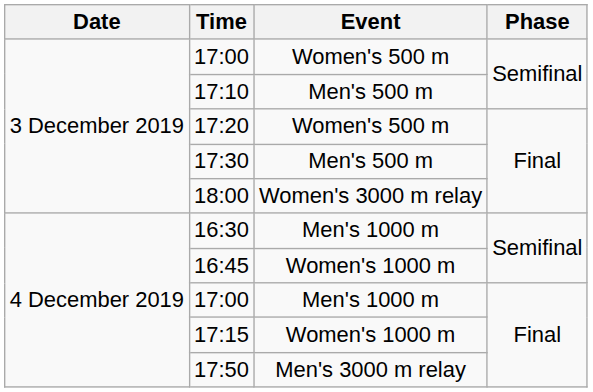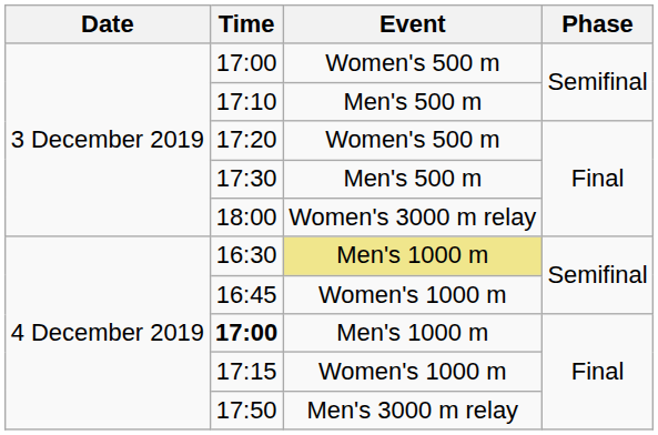 <table class="wikitable" style="text-align:center;">
 <tr>
 <th>Date</th>
 <th>Time</th>
 <th>Event</th>
 <th>Phase</th>
 </tr>
 <tr>
 <td rowspan=5>3 December 2019</td>
 <td>17:00</td>
 <td>Women's 500 m</td>
 <td rowspan=2>Semifinal</td>
 </tr>
 <tr>
 <td>17:10</td>
 <td>Men's 500 m</td>
 </tr>
 <tr>
 <td>17:20</td>
 <td>Women's 500 m</td>
 <td rowspan=3>Final</td>
 </tr>
 <tr>
 <td>17:30</td>
 <td>Men's 500 m</td>
 </tr>
 <tr>
 <td>18:00</td>
 <td>Women's 3000 m relay</td>
 </tr>
 <tr>
 <td rowspan=5>4 December 2019</td>
 <td>16:30</td>
-<td>Men's 1000 m</td>
+<td style="background: khaki;">Men's 1000 m</td>
 <td rowspan=2>Semifinal</td>
 </tr>
 <tr>
 <td>16:45</td>
 <td>Women's 1000 m</td>
 </tr>
 <tr>
-<td>17:00</td>
+<td><strong>17:00</strong></td>
 <td>Men's 1000 m</td>
 <td rowspan=3>Final</td>
 </tr>
 <tr>
 <td>17:15</td>
 <td>Women's 1000 m</td>
 </tr>
 <tr>
 <td>17:50</td>
 <td>Men's 3000 m relay</td>
 </tr>
 </table>
